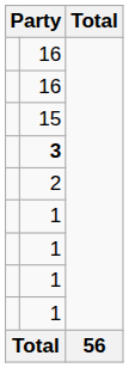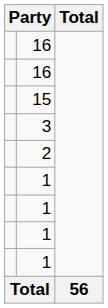 <table class="wikitable" style="text-align:right;">
 <tr>
 <th colspan="2">Party</th>
 <th>Total</th>
 </tr>
 <tr>
 <td></td>
 <td>16</td>
 </tr>
 <tr>
 <td></td>
 <td>16</td>
 </tr>
 <tr>
 <td></td>
 <td>15</td>
 </tr>
 <tr>
 <td></td>
-<td><strong>3</strong></td>
+<td>3</td>
 </tr>
 <tr>
 <td></td>
 <td>2</td>
 </tr>
 <tr>
 <td></td>
 <td>1</td>
 </tr>
 <tr>
 <td></td>
 <td>1</td>
 </tr>
 <tr>
 <td></td>
 <td>1</td>
 </tr>
 <tr>
 <td></td>
 <td>1</td>
 </tr>
 <tr>
 <th colspan="2">Total</th>
 <th>56</th>
 </tr>
 </table>
